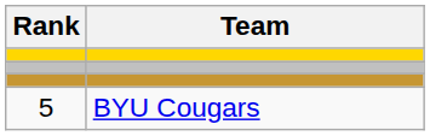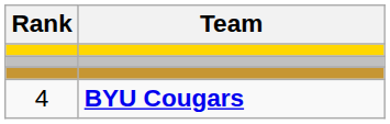 <table class="wikitable" style="text-align:center;">
 <tr>
 <th width=40>Rank</th>
 <th width=190>Team</th>
 </tr>
 <tr bgcolor="gold">
 <td></td>
 <td style="text-align:left;"></td>
 </tr>
 <tr bgcolor="silver">
 <td></td>
 <td style="text-align:left;"></td>
 </tr>
 <tr bgcolor="#C69633">
 <td></td>
 <td style="text-align:left;"></td>
 </tr>
 <tr>
-<td>5</td>
-<td style="text-align:left;"> <a href='#'>BYU Cougars</a></td>
+<td>4</td>
+<td style="text-align:left;"><strong> <a href='#'>BYU Cougars</a></strong></td>
 </tr>
 </table>
